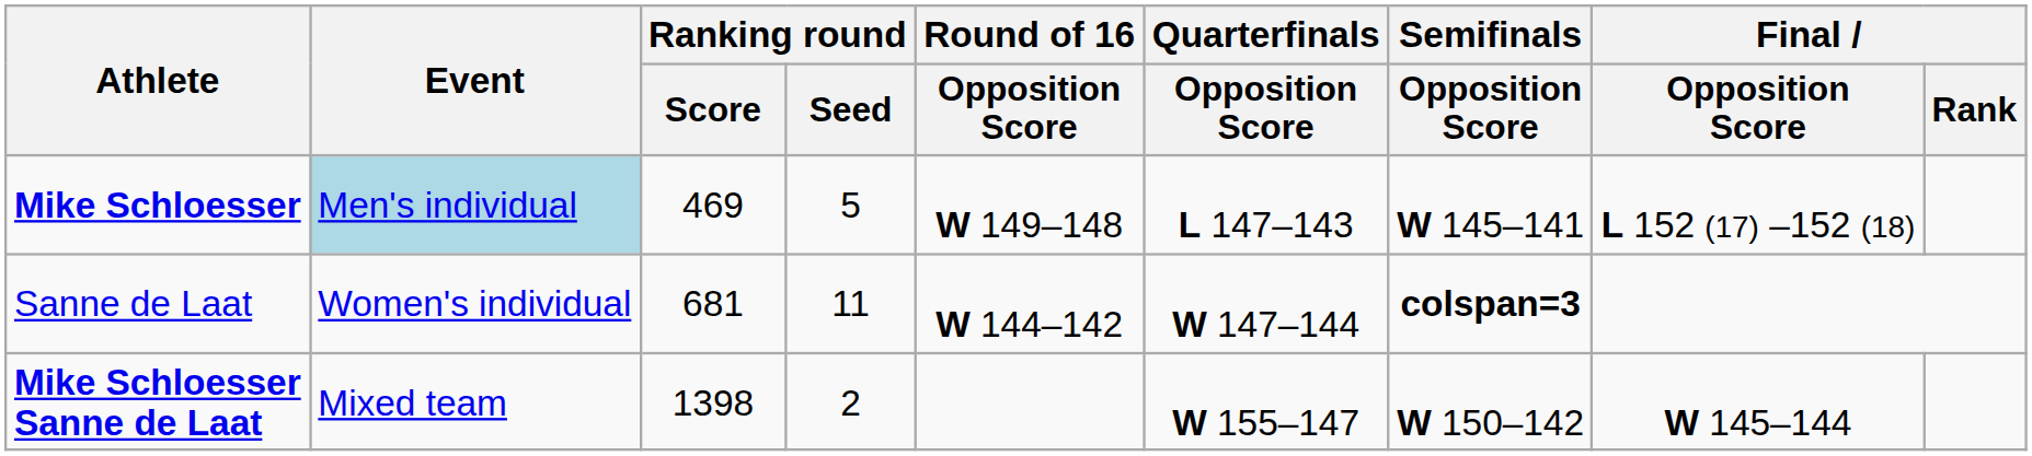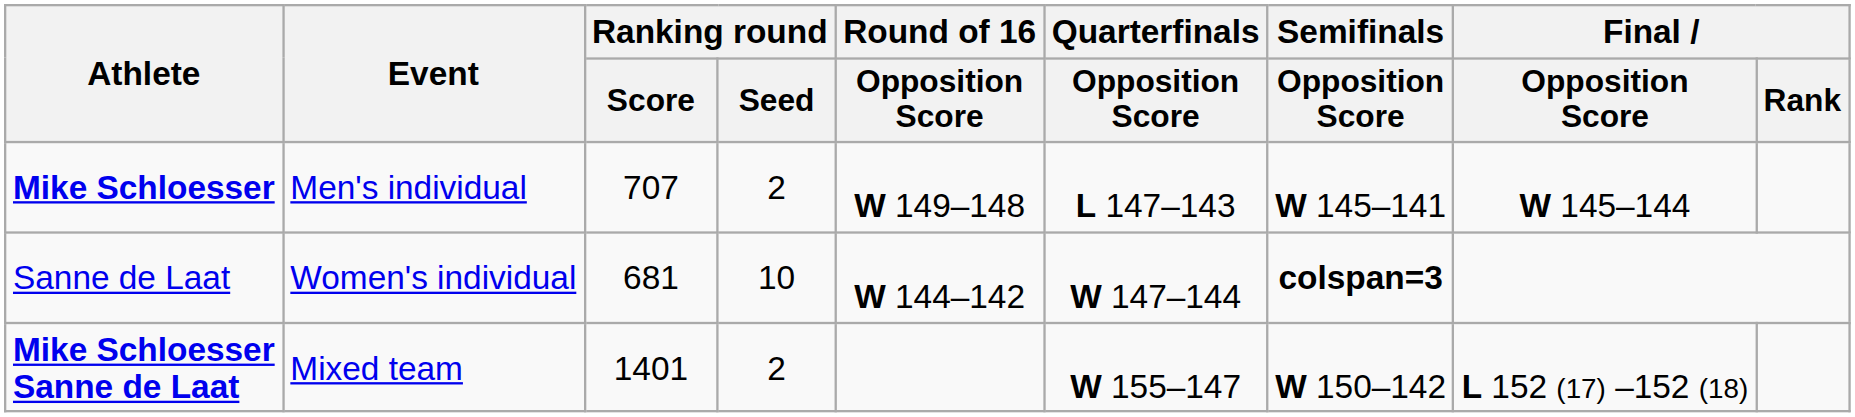 <table class="wikitable" style="text-align:center; font-size:90%">
 <tr>
 <th rowspan="2">Athlete</th>
 <th rowspan="2">Event</th>
 <th colspan="2">Ranking round</th>
 <th>Round of 16</th>
 <th>Quarterfinals</th>
 <th>Semifinals</th>
 <th colspan="2">Final / </th>
 </tr>
 <tr style="font-size:95%">
 <th>Score</th>
 <th>Seed</th>
 <th>Opposition<br>Score</th>
 <th>Opposition<br>Score</th>
 <th>Opposition<br>Score</th>
 <th>Opposition<br>Score</th>
 <th>Rank</th>
 </tr>
 <tr>
 <td align="left"><strong><a href='#'>Mike Schloesser</a></strong></td>
-<td align="left" style="background: lightblue;"><a href='#'>Men's individual</a></td>
-<td>469</td>
-<td>5</td>
+<td align="left"><a href='#'>Men's individual</a></td>
+<td>707</td>
+<td>2</td>
 <td><br><strong>W</strong> 149–148</td>
 <td><br><strong>L</strong> 147–143</td>
 <td><br><strong>W</strong> 145–141</td>
-<td><br><strong>L</strong> 152 <small>(17)</small> –152 <small>(18)</small></td>
+<td><br><strong>W</strong> 145–144</td>
 <td></td>
 </tr>
 <tr>
 <td align="left"><a href='#'>Sanne de Laat</a></td>
 <td align="left"><a href='#'>Women's individual</a></td>
 <td>681</td>
-<td>11</td>
+<td>10</td>
 <td><br><strong>W</strong> 144–142</td>
 <td><br><strong>W</strong> 147–144</td>
 <td><strong>colspan=3 </strong></td>
 </tr>
 <tr>
 <td align="left"><strong><a href='#'>Mike Schloesser</a><br><a href='#'>Sanne de Laat</a></strong></td>
 <td align="left"><a href='#'>Mixed team</a></td>
-<td>1398</td>
+<td>1401</td>
 <td>2</td>
 <td></td>
 <td><br><strong>W</strong> 155–147</td>
 <td><br><strong>W</strong> 150–142</td>
-<td><br><strong>W</strong> 145–144</td>
+<td><br><strong>L</strong> 152 <small>(17)</small> –152 <small>(18)</small></td>
 <td></td>
 </tr>
 </table>
